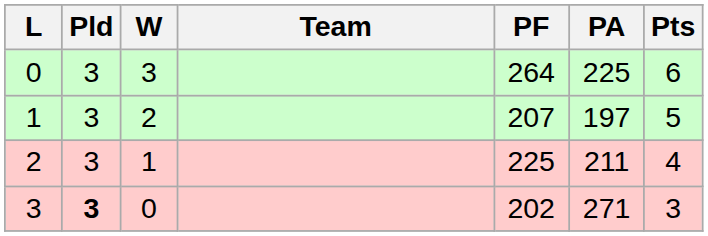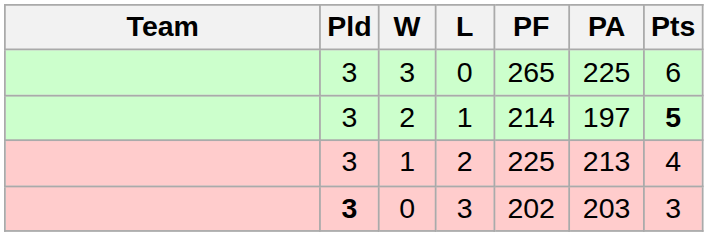 <table class="wikitable" style="text-align:center;">
 <tr>
-<th width=25>L</th>
+<th width=170>Team</th>
 <th width=25>Pld</th>
 <th width=25>W</th>
-<th width=170>Team</th>
+<th width=25>L</th>
 <th width=35>PF</th>
 <th width=35>PA</th>
 <th width=25>Pts</th>
 </tr>
 <tr bgcolor=#ccffcc>
-<td>0</td>
+<td align="left"></td>
 <td>3</td>
 <td>3</td>
-<td align="left"></td>
-<td>264</td>
+<td>0</td>
+<td>265</td>
 <td>225</td>
 <td>6</td>
 </tr>
 <tr bgcolor=#ccffcc>
-<td>1</td>
+<td align="left"></td>
 <td>3</td>
 <td>2</td>
-<td align="left"></td>
-<td>207</td>
+<td>1</td>
+<td>214</td>
 <td>197</td>
-<td>5</td>
+<td><strong>5</strong></td>
 </tr>
 <tr bgcolor=#ffcccc>
-<td>2</td>
+<td align="left"></td>
 <td>3</td>
 <td>1</td>
-<td align="left"></td>
+<td>2</td>
 <td>225</td>
-<td>211</td>
+<td>213</td>
 <td>4</td>
 </tr>
 <tr bgcolor=#ffcccc>
-<td>3</td>
+<td align="left"></td>
 <td><strong>3</strong></td>
 <td>0</td>
-<td align="left"></td>
+<td>3</td>
 <td>202</td>
-<td>271</td>
+<td>203</td>
 <td>3</td>
 </tr>
 </table>
